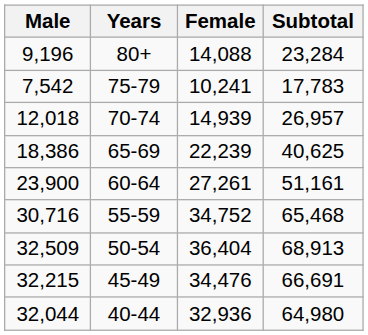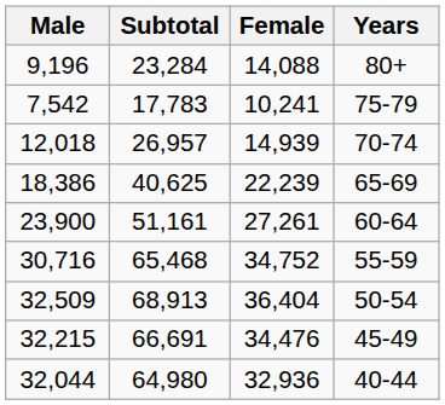 <table class="wikitable" style="display:inline-table;">
 <tr>
 <th colspan style="width:60px;">Male</th>
+<th colspan style="width:70px;">Subtotal</th>
+<th colspan style="width:60px;">Female</th>
 <th colspan style="width:60px;">Years</th>
-<th colspan style="width:60px;">Female</th>
-<th colspan style="width:70px;">Subtotal</th>
 </tr>
 <tr>
 <td style="text-align:center;">9,196</td>
+<td style="text-align:center;">23,284</td>
+<td style="text-align:center;">14,088</td>
 <td style="text-align:center;">80+</td>
-<td style="text-align:center;">14,088</td>
-<td style="text-align:center;">23,284</td>
 </tr>
 <tr>
 <td style="text-align:center;">7,542</td>
+<td style="text-align:center;">17,783</td>
+<td style="text-align:center;">10,241</td>
 <td style="text-align:center;">75-79</td>
-<td style="text-align:center;">10,241</td>
-<td style="text-align:center;">17,783</td>
 </tr>
 <tr>
 <td style="text-align:center;">12,018</td>
+<td style="text-align:center;">26,957</td>
+<td style="text-align:center;">14,939</td>
 <td style="text-align:center;">70-74</td>
-<td style="text-align:center;">14,939</td>
-<td style="text-align:center;">26,957</td>
 </tr>
 <tr>
 <td style="text-align:center;">18,386</td>
+<td style="text-align:center;">40,625</td>
+<td style="text-align:center;">22,239</td>
 <td style="text-align:center;">65-69</td>
-<td style="text-align:center;">22,239</td>
-<td style="text-align:center;">40,625</td>
 </tr>
 <tr>
 <td style="text-align:center;">23,900</td>
+<td style="text-align:center;">51,161</td>
+<td style="text-align:center;">27,261</td>
 <td style="text-align:center;">60-64</td>
-<td style="text-align:center;">27,261</td>
-<td style="text-align:center;">51,161</td>
 </tr>
 <tr>
 <td style="text-align:center;">30,716</td>
+<td style="text-align:center;">65,468</td>
+<td style="text-align:center;">34,752</td>
 <td style="text-align:center;">55-59</td>
-<td style="text-align:center;">34,752</td>
-<td style="text-align:center;">65,468</td>
 </tr>
 <tr>
 <td style="text-align:center;">32,509</td>
+<td style="text-align:center;">68,913</td>
+<td style="text-align:center;">36,404</td>
 <td style="text-align:center;">50-54</td>
-<td style="text-align:center;">36,404</td>
-<td style="text-align:center;">68,913</td>
 </tr>
 <tr>
 <td style="text-align:center;">32,215</td>
+<td style="text-align:center;">66,691</td>
+<td style="text-align:center;">34,476</td>
 <td style="text-align:center;">45-49</td>
-<td style="text-align:center;">34,476</td>
-<td style="text-align:center;">66,691</td>
 </tr>
 <tr>
 <td style="text-align:center;">32,044</td>
+<td style="text-align:center;">64,980</td>
+<td style="text-align:center;">32,936</td>
 <td style="text-align:center;">40-44</td>
-<td style="text-align:center;">32,936</td>
-<td style="text-align:center;">64,980</td>
 </tr>
 </table>
